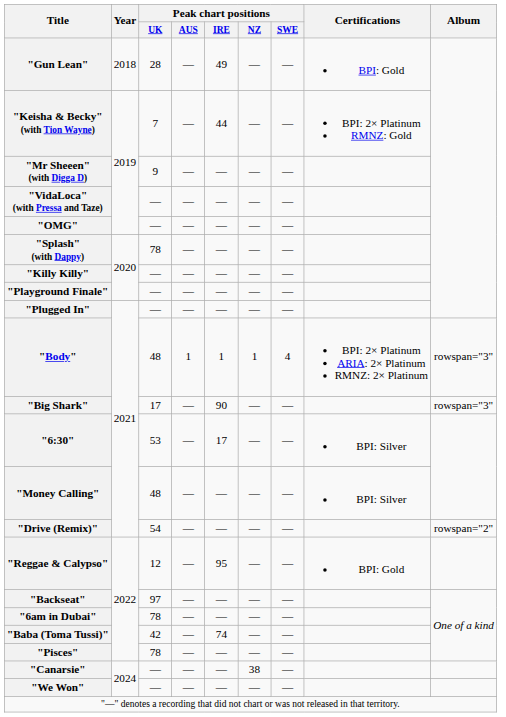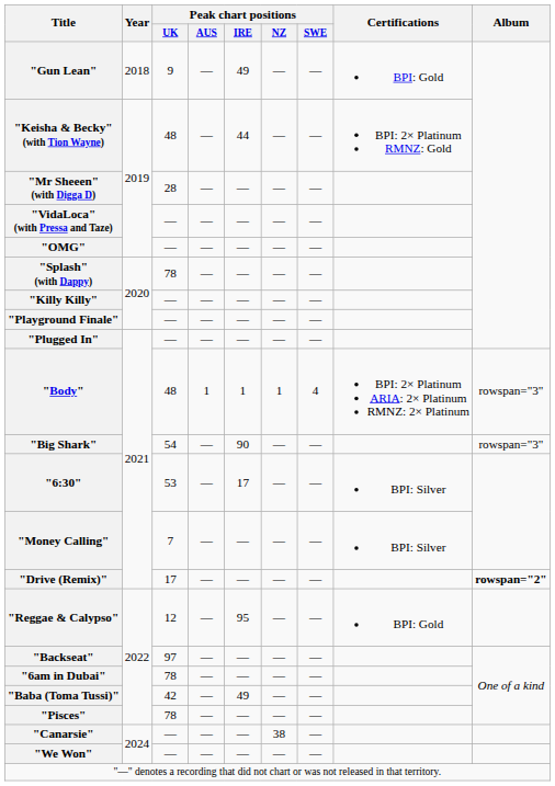 <table class="wikitable plainrowheaders" style="text-align:center;">
 <tr>
 <th scope="col" rowspan="2">Title</th>
 <th scope="col" rowspan="2">Year</th>
 <th scope="col" colspan="5">Peak chart positions</th>
 <th scope="col" rowspan="2">Certifications</th>
 <th scope="col" rowspan="2">Album</th>
 </tr>
 <tr>
 <th scope="col" style="width:3em;font-size:85%;"><a href='#'>UK</a><br></th>
 <th scope="col" style="width:3em;font-size:85%;"><a href='#'>AUS</a><br></th>
 <th scope="col" style="width:3em;font-size:85%;"><a href='#'>IRE</a><br></th>
 <th scope="col" style="width:3em;font-size:85%;"><a href='#'>NZ</a><br></th>
 <th scope="col" style="width:3em;font-size:85%;"><a href='#'>SWE</a><br></th>
 </tr>
 <tr>
 <th scope="row">"Gun Lean"</th>
 <td>2018</td>
-<td>28</td>
+<td>9</td>
 <td>—</td>
 <td>49</td>
 <td>—</td>
 <td>—</td>
 <td><br><ul><li><a href='#'>BPI</a>: Gold</li></ul></td>
 <td rowspan="9"></td>
 </tr>
 <tr>
 <th scope="row">"Keisha & Becky"<br><small>(with <a href='#'>Tion Wayne</a>)</small></th>
 <td rowspan="4">2019</td>
-<td>7</td>
+<td>48</td>
 <td>—</td>
 <td>44</td>
 <td>—</td>
 <td>—</td>
 <td><br><ul><li>BPI: 2× Platinum</li><li><a href='#'>RMNZ</a>: Gold</li></ul></td>
 </tr>
 <tr>
 <th scope="row">"Mr Sheeen"<br><small>(with <a href='#'>Digga D</a>)</small></th>
-<td>9</td>
+<td>28</td>
 <td>—</td>
 <td>—</td>
 <td>—</td>
 <td>—</td>
 <td></td>
 </tr>
 <tr>
 <th scope="row">"VidaLoca"<br><small>(with <a href='#'>Pressa</a> and Taze)</small></th>
 <td>—</td>
 <td>—</td>
 <td>—</td>
 <td>—</td>
 <td>—</td>
 <td></td>
 </tr>
 <tr>
 <th scope="row">"OMG"<br></th>
 <td>—</td>
 <td>—</td>
 <td>—</td>
 <td>—</td>
 <td>—</td>
 <td></td>
 </tr>
 <tr>
 <th scope="row">"Splash"<br><small>(with <a href='#'>Dappy</a>)</small></th>
 <td rowspan="3">2020</td>
 <td>78</td>
 <td>—</td>
 <td>—</td>
 <td>—</td>
 <td>—</td>
 <td></td>
 </tr>
 <tr>
 <th scope="row">"Killy Killy"<br></th>
 <td>—</td>
 <td>—</td>
 <td>—</td>
 <td>—</td>
 <td>—</td>
 <td></td>
 </tr>
 <tr>
 <th scope="row">"Playground Finale"</th>
 <td>—</td>
 <td>—</td>
 <td>—</td>
 <td>—</td>
 <td>—</td>
 <td></td>
 </tr>
 <tr>
 <th scope="row">"Plugged In"<br></th>
 <td rowspan="6">2021</td>
 <td>—</td>
 <td>—</td>
 <td>—</td>
 <td>—</td>
 <td>—</td>
 <td></td>
 </tr>
 <tr>
 <th scope="row">"<a href='#'>Body</a>"<br></th>
 <td>48</td>
 <td>1</td>
 <td>1<br></td>
 <td>1</td>
 <td>4<br></td>
 <td><br><ul><li>BPI: 2× Platinum</li><li><a href='#'>ARIA</a>: 2× Platinum</li><li>RMNZ: 2× Platinum</li></ul></td>
 <td>rowspan="3" </td>
 </tr>
 <tr>
 <th scope="row">"Big Shark"</th>
-<td>17</td>
+<td>54</td>
 <td>—</td>
 <td>90<br></td>
 <td>—</td>
 <td>—</td>
 <td></td>
 <td>rowspan="3" </td>
 </tr>
 <tr>
 <th scope="row">"6:30"</th>
 <td>53</td>
 <td>—</td>
 <td>17<br></td>
 <td>—</td>
 <td>—</td>
 <td><br><ul><li>BPI: Silver</li></ul></td>
 </tr>
 <tr>
 <th scope="row">"Money Calling"<br></th>
-<td>48</td>
+<td>7</td>
 <td>—</td>
 <td>—</td>
 <td>—</td>
 <td>—</td>
 <td><br><ul><li>BPI: Silver</li></ul></td>
 </tr>
 <tr>
 <th scope="row">"Drive (Remix)"<br></th>
-<td>54</td>
+<td>17</td>
 <td>—</td>
 <td>—</td>
 <td>—</td>
 <td>—</td>
 <td></td>
-<td>rowspan="2" </td>
+<td><strong>rowspan="2" </strong></td>
 </tr>
 <tr>
 <th scope="row">"Reggae & Calypso"<br></th>
 <td rowspan="5">2022</td>
 <td>12</td>
 <td>—</td>
 <td>95<br></td>
 <td>—</td>
 <td>—</td>
 <td><br><ul><li>BPI: Gold</li></ul></td>
 </tr>
 <tr>
 <th scope="row">"Backseat"</th>
 <td>97</td>
 <td>—</td>
 <td>—</td>
 <td>—</td>
 <td>—</td>
 <td></td>
 <td rowspan="4"><em>One of a kind</em></td>
 </tr>
 <tr>
 <th scope="row">"6am in Dubai"<br></th>
 <td>78</td>
 <td>—</td>
 <td>—</td>
 <td>—</td>
 <td>—</td>
 <td></td>
 </tr>
 <tr>
 <th scope="row">"Baba (Toma Tussi)"</th>
 <td>42</td>
 <td>—</td>
-<td>74<br></td>
+<td>49</td>
 <td>—</td>
 <td>—</td>
 <td></td>
 </tr>
 <tr>
 <th scope="row">"Pisces"<br></th>
 <td>78</td>
 <td>—</td>
 <td>—</td>
 <td>—</td>
 <td>—</td>
 <td></td>
 </tr>
 <tr>
 <th scope="row">"Canarsie"<br></th>
 <td rowspan="2">2024</td>
 <td>—</td>
 <td>—</td>
 <td>—</td>
 <td>38</td>
 <td>—</td>
 <td></td>
 <td></td>
 </tr>
 <tr>
 <th scope="row">"We Won"<br></th>
 <td>—</td>
 <td>—</td>
 <td>—</td>
 <td>—</td>
 <td>—</td>
 <td></td>
 <td></td>
 </tr>
 <tr>
 <td colspan="9" style="font-size:85%">"—" denotes a recording that did not chart or was not released in that territory.</td>
 </tr>
 </table>
